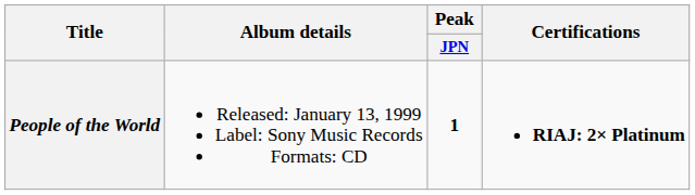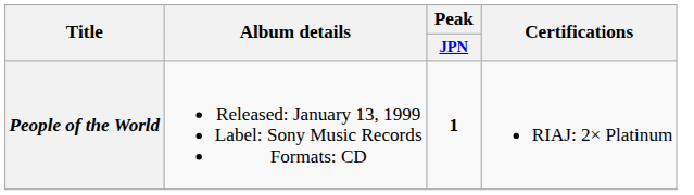 <table class="wikitable plainrowheaders" style="text-align:center;">
 <tr>
 <th scope="col" rowspan="2">Title</th>
 <th scope="col" rowspan="2">Album details</th>
 <th scope="col">Peak</th>
 <th scope="col" rowspan="2">Certifications</th>
 </tr>
 <tr>
 <th scope="col" style="width:3em;font-size:85%;"><a href='#'>JPN</a><br></th>
 </tr>
 <tr>
 <th scope="row"><em>People of the World</em></th>
 <td><br><ul><li>Released: January 13, 1999</li><li>Label: Sony Music Records</li><li>Formats: CD</li></ul></td>
 <td><strong>1</strong></td>
-<td><strong><br><ul><li>RIAJ: 2× Platinum</li></ul></strong></td>
+<td><br><ul><li>RIAJ: 2× Platinum</li></ul></td>
 </tr>
 </table>
